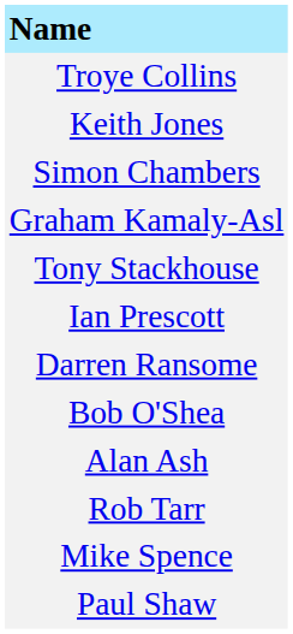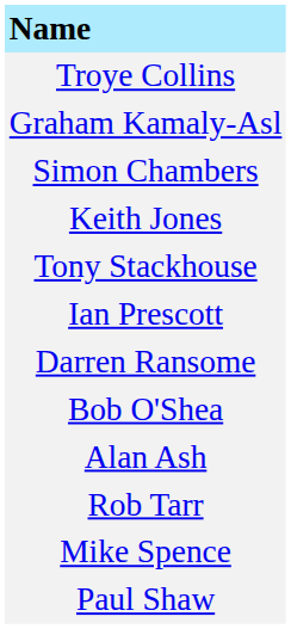 <table border=0 cellpadding=2 cellspacing=0  |- bgcolor=#F2F2F2 style="text-align:center; font-size:90%;">
 <tr bgcolor=#ADEBFD>
 <th align=left>Name</th>
 </tr>
 <tr>
 <td><a href='#'>Troye Collins</a></td>
 </tr>
 <tr>
-<td><a href='#'>Keith Jones</a></td>
+<td><a href='#'>Graham Kamaly-Asl</a></td>
 </tr>
 <tr>
 <td><a href='#'>Simon Chambers</a></td>
 </tr>
 <tr>
-<td><a href='#'>Graham Kamaly-Asl</a></td>
+<td><a href='#'>Keith Jones</a></td>
 </tr>
 <tr>
 <td><a href='#'>Tony Stackhouse</a></td>
 </tr>
 <tr>
 <td><a href='#'>Ian Prescott</a></td>
 </tr>
 <tr>
 <td><a href='#'>Darren Ransome</a></td>
 </tr>
 <tr>
 <td><a href='#'>Bob O'Shea</a></td>
 </tr>
 <tr>
 <td><a href='#'>Alan Ash</a></td>
 </tr>
 <tr>
 <td><a href='#'>Rob Tarr</a></td>
 </tr>
 <tr>
 <td><a href='#'>Mike Spence</a></td>
 </tr>
 <tr>
 <td><a href='#'>Paul Shaw</a></td>
 </tr>
 </table>
